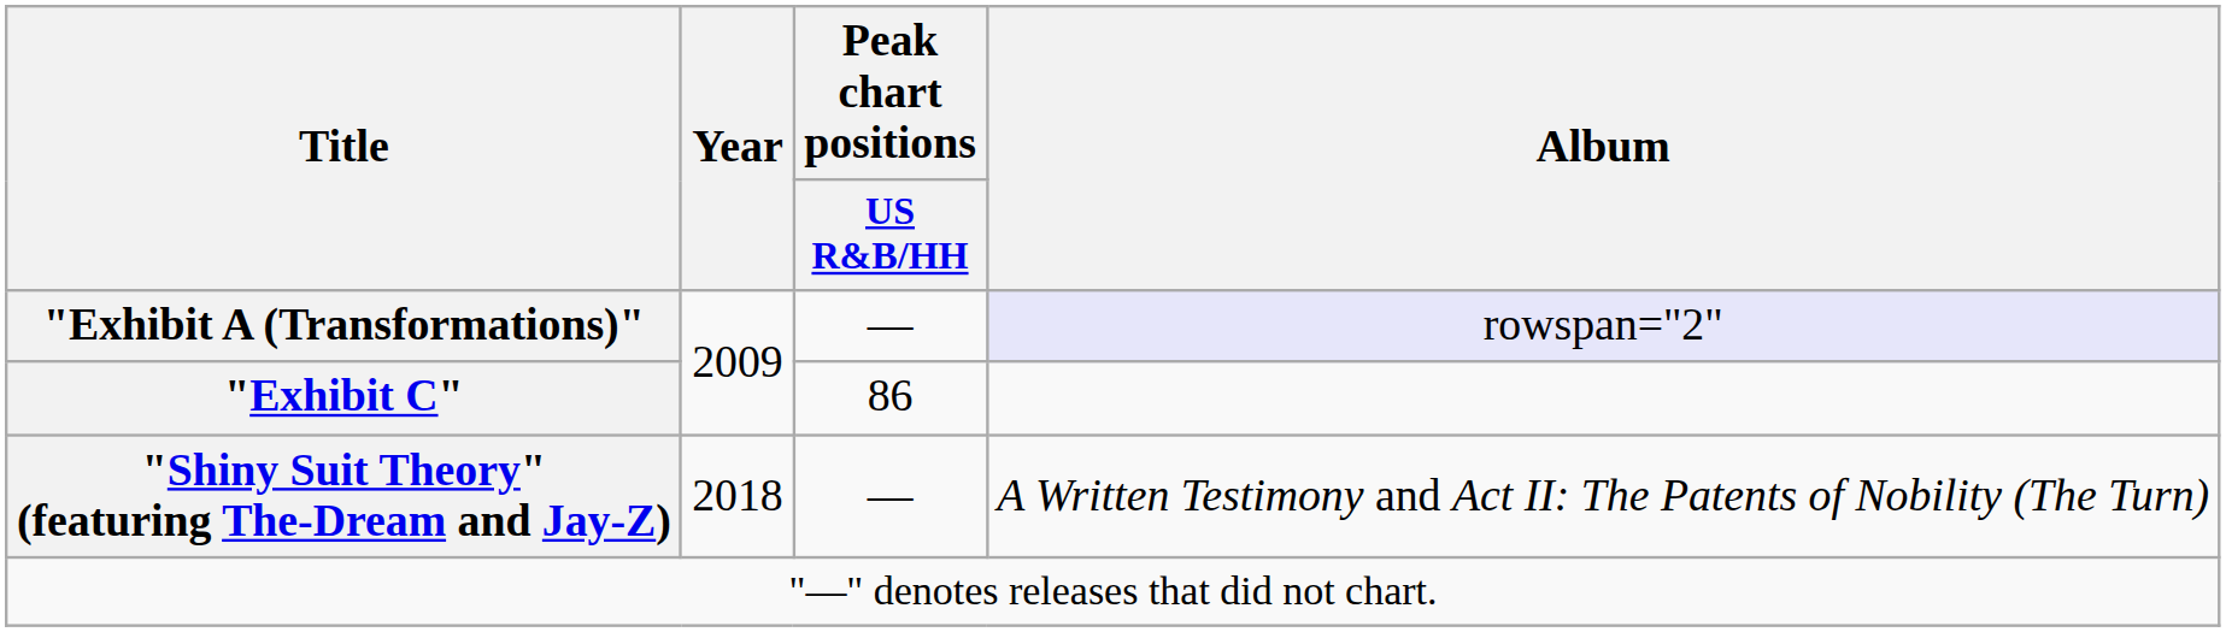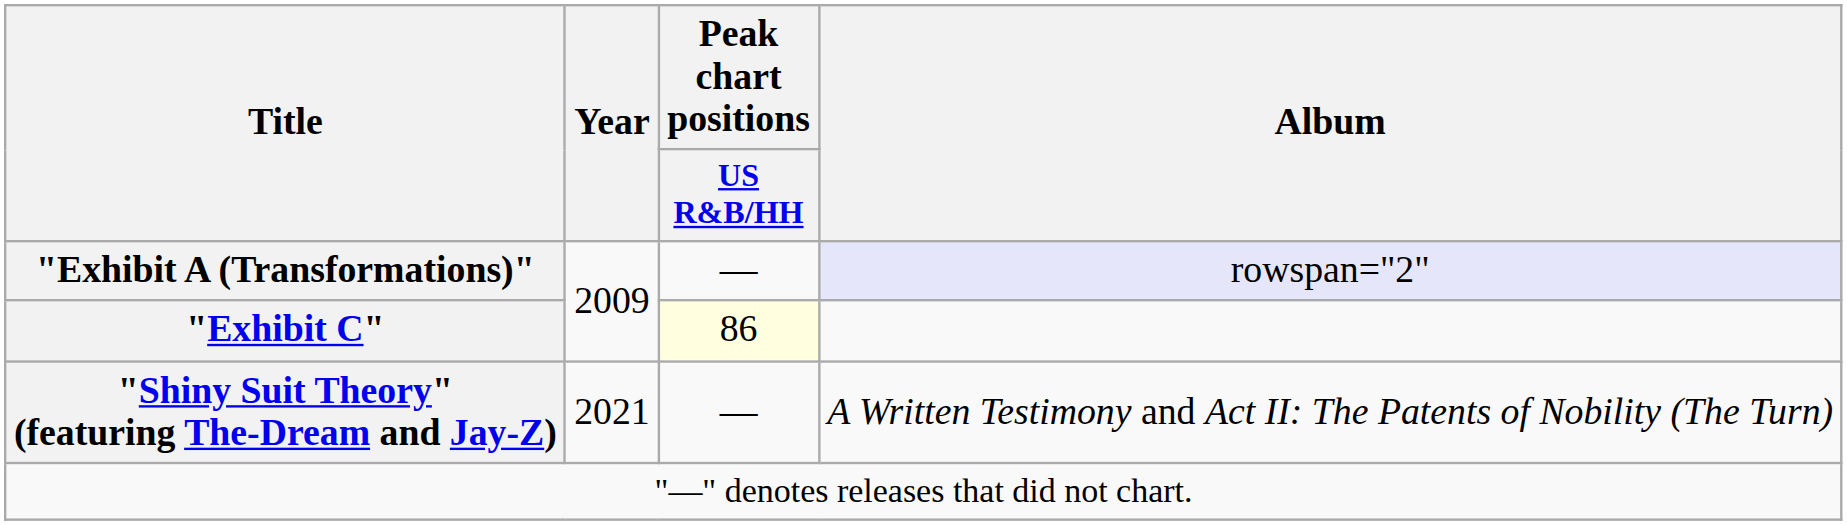 <table class="wikitable plainrowheaders" style="text-align:center;">
 <tr>
 <th scope="col" rowspan="2">Title</th>
 <th scope="col" rowspan="2">Year</th>
 <th scope="col" colspan="1">Peak chart positions</th>
 <th scope="col" rowspan="2">Album</th>
 </tr>
 <tr>
 <th scope="col" style="width:3em;font-size:85%;"><a href='#'>US<br>R&B/HH</a><br></th>
 </tr>
 <tr>
 <th scope="row">"Exhibit A (Transformations)"</th>
 <td rowspan="2">2009</td>
 <td>—</td>
 <td style="background: lavender;">rowspan="2" </td>
 </tr>
 <tr>
 <th scope="row">"<a href='#'>Exhibit C</a>"</th>
-<td>86</td>
+<td style="background: lightyellow;">86</td>
 </tr>
 <tr>
 <th scope="row">"<a href='#'>Shiny Suit Theory</a>"<br><span>(featuring <a href='#'>The-Dream</a> and <a href='#'>Jay-Z</a>)</span></th>
-<td>2018</td>
+<td>2021</td>
 <td>—</td>
 <td><em>A Written Testimony</em> and <em>Act II: The Patents of Nobility (The Turn)</em></td>
 </tr>
 <tr>
 <td colspan="7" style="font-size:90%">"—" denotes releases that did not chart.</td>
 </tr>
 </table>
